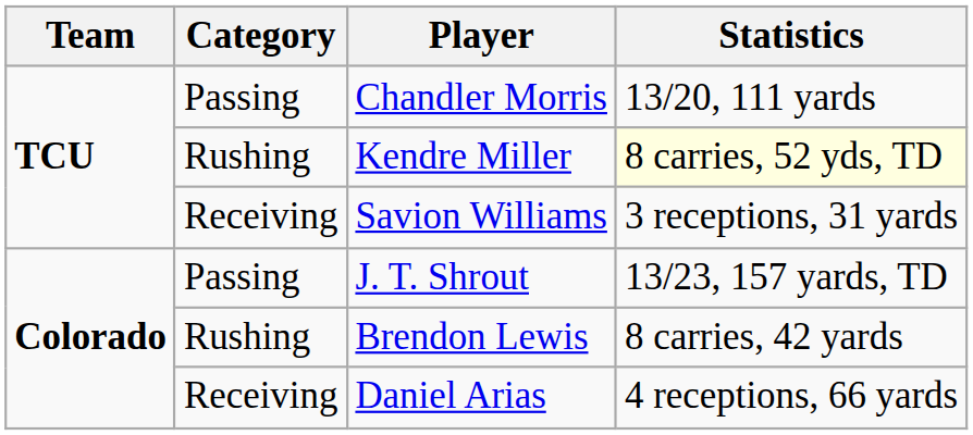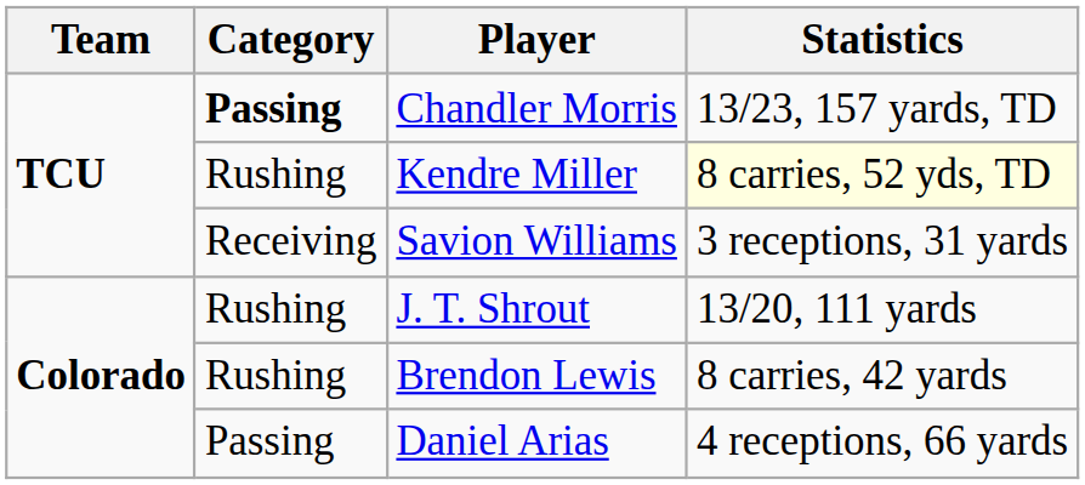 <table class="wikitable" style="float: right;">
 <tr>
 <th>Team</th>
 <th>Category</th>
 <th>Player</th>
 <th>Statistics</th>
 </tr>
 <tr>
 <td rowspan=3><strong>TCU</strong></td>
-<td>Passing</td>
+<td><strong>Passing</strong></td>
 <td><a href='#'>Chandler Morris</a></td>
-<td>13/20, 111 yards</td>
+<td>13/23, 157 yards, TD</td>
 </tr>
 <tr>
 <td>Rushing</td>
 <td><a href='#'>Kendre Miller</a></td>
 <td style="background: lightyellow;">8 carries, 52 yds, TD</td>
 </tr>
 <tr>
 <td>Receiving</td>
 <td><a href='#'>Savion Williams</a></td>
 <td>3 receptions, 31 yards</td>
 </tr>
 <tr>
 <td rowspan=3><strong>Colorado</strong></td>
-<td>Passing</td>
+<td>Rushing</td>
 <td><a href='#'>J. T. Shrout</a></td>
-<td>13/23, 157 yards, TD</td>
+<td>13/20, 111 yards</td>
 </tr>
 <tr>
 <td>Rushing</td>
 <td><a href='#'>Brendon Lewis</a></td>
 <td>8 carries, 42 yards</td>
 </tr>
 <tr>
-<td>Receiving</td>
+<td>Passing</td>
 <td><a href='#'>Daniel Arias</a></td>
 <td>4 receptions, 66 yards</td>
 </tr>
 </table>
